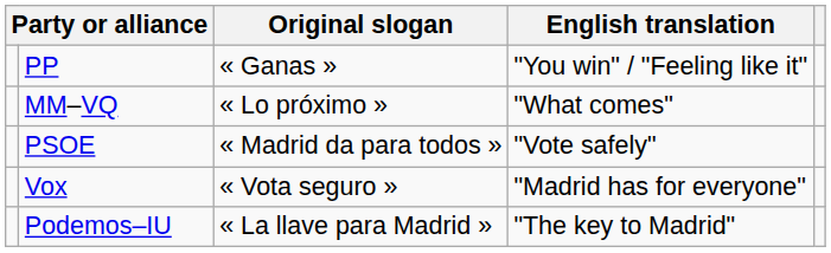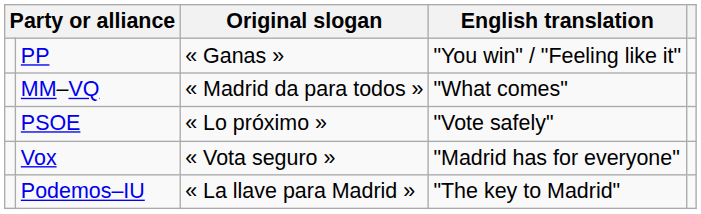 <table class="wikitable" style="text-align:left;">
 <tr>
 <th style="text-align:left;" colspan="2">Party or alliance</th>
 <th>Original slogan</th>
 <th>English translation</th>
 <th></th>
 </tr>
 <tr>
 <td style="color:inherit;background:"></td>
 <td><a href='#'>PP</a></td>
 <td>« Ganas »</td>
 <td>"You win" / "Feeling like it"</td>
 <td></td>
 </tr>
 <tr>
 <td width="1" style="color:inherit;background:"></td>
 <td><a href='#'>MM</a>–<a href='#'>VQ</a></td>
-<td>« Lo próximo »</td>
+<td>« Madrid da para todos »</td>
 <td>"What comes"</td>
 <td></td>
 </tr>
 <tr>
 <td></td>
 <td><a href='#'>PSOE</a></td>
-<td>« Madrid da para todos »</td>
+<td>« Lo próximo »</td>
 <td>"Vote safely"</td>
 <td></td>
 </tr>
 <tr>
 <td></td>
 <td><a href='#'>Vox</a></td>
 <td>« Vota seguro »</td>
 <td>"Madrid has for everyone"</td>
 <td></td>
 </tr>
 <tr>
 <td></td>
 <td><a href='#'>Podemos–IU</a></td>
 <td>« La llave para Madrid »</td>
 <td>"The key to Madrid"</td>
 <td></td>
 </tr>
 </table>
